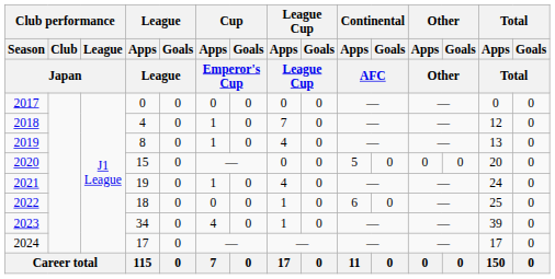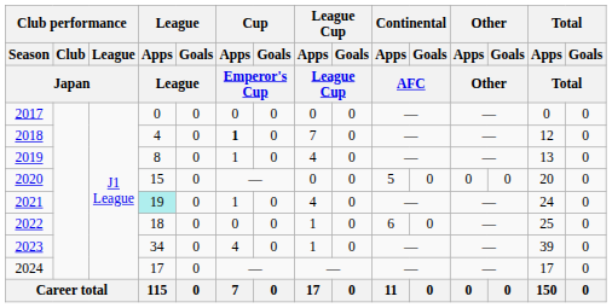 <table class="wikitable" style="text-align:center;">
 <tr>
 <th colspan=3>Club performance</th>
 <th colspan=2>League</th>
 <th colspan=2>Cup</th>
 <th colspan=2>League Cup</th>
 <th colspan=2>Continental</th>
 <th colspan=2>Other</th>
 <th colspan=2>Total</th>
 </tr>
 <tr>
 <th>Season</th>
 <th>Club</th>
 <th>League</th>
 <th>Apps</th>
 <th>Goals</th>
 <th>Apps</th>
 <th>Goals</th>
 <th>Apps</th>
 <th>Goals</th>
 <th>Apps</th>
 <th>Goals</th>
 <th>Apps</th>
 <th>Goals</th>
 <th>Apps</th>
 <th>Goals</th>
 </tr>
 <tr>
 <th colspan=3>Japan</th>
 <th colspan=2>League</th>
 <th colspan=2><a href='#'>Emperor's Cup</a></th>
 <th colspan=2><a href='#'>League Cup</a></th>
 <th colspan=2><a href='#'>AFC</a></th>
 <th colspan=2>Other</th>
 <th colspan=2>Total</th>
 </tr>
 <tr>
 <td><a href='#'>2017</a></td>
 <td rowspan="8"></td>
 <td rowspan="8"><a href='#'>J1 League</a></td>
 <td>0</td>
 <td>0</td>
 <td>0</td>
 <td>0</td>
 <td>0</td>
 <td>0</td>
 <td colspan=2>—</td>
 <td colspan=2>—</td>
 <td>0</td>
 <td>0</td>
 </tr>
 <tr>
 <td><a href='#'>2018</a></td>
 <td>4</td>
 <td>0</td>
-<td>1</td>
+<td><strong>1</strong></td>
 <td>0</td>
 <td>7</td>
 <td>0</td>
 <td colspan=2>—</td>
 <td colspan=2>—</td>
 <td>12</td>
 <td>0</td>
 </tr>
 <tr>
 <td><a href='#'>2019</a></td>
 <td>8</td>
 <td>0</td>
 <td>1</td>
 <td>0</td>
 <td>4</td>
 <td>0</td>
 <td colspan=2>—</td>
 <td colspan=2>—</td>
 <td>13</td>
 <td>0</td>
 </tr>
 <tr>
 <td><a href='#'>2020</a></td>
 <td>15</td>
 <td>0</td>
 <td colspan=2>—</td>
 <td>0</td>
 <td>0</td>
 <td>5</td>
 <td>0</td>
 <td>0</td>
 <td>0</td>
 <td>20</td>
 <td>0</td>
 </tr>
 <tr>
 <td><a href='#'>2021</a></td>
-<td>19</td>
+<td style="background: paleturquoise;">19</td>
 <td>0</td>
 <td>1</td>
 <td>0</td>
 <td>4</td>
 <td>0</td>
 <td colspan=2>—</td>
 <td colspan=2>—</td>
 <td>24</td>
 <td>0</td>
 </tr>
 <tr>
 <td><a href='#'>2022</a></td>
 <td>18</td>
 <td>0</td>
 <td>0</td>
 <td>0</td>
 <td>1</td>
 <td>0</td>
 <td>6</td>
 <td>0</td>
 <td colspan=2>—</td>
 <td>25</td>
 <td>0</td>
 </tr>
 <tr>
 <td><a href='#'>2023</a></td>
 <td>34</td>
 <td>0</td>
 <td>4</td>
 <td>0</td>
 <td>1</td>
 <td>0</td>
 <td colspan=2>—</td>
 <td colspan=2>—</td>
 <td>39</td>
 <td>0</td>
 </tr>
 <tr>
 <td>2024</td>
 <td>17</td>
 <td>0</td>
 <td colspan="2">—</td>
 <td colspan="2">—</td>
 <td colspan="2">—</td>
 <td colspan="2">—</td>
 <td>17</td>
 <td>0</td>
 </tr>
 <tr>
 <th colspan="3">Career total</th>
 <th>115</th>
 <th>0</th>
 <th>7</th>
 <th>0</th>
 <th>17</th>
 <th>0</th>
 <th>11</th>
 <th>0</th>
 <th>0</th>
 <th>0</th>
 <th>150</th>
 <th>0</th>
 </tr>
 </table>
